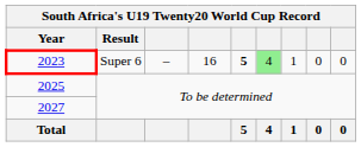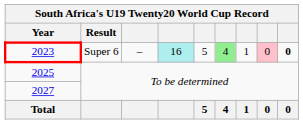 <table class="wikitable" style="font-size:90%; text-align:center">
 <tr>
 <th colspan=9>South Africa's U19 Twenty20 World Cup Record</th>
 </tr>
 <tr>
 <th width="90">Year</th>
 <th>Result</th>
 <th width="40"></th>
 <th width="40"></th>
 <th width="20"></th>
 <th width="20"></th>
 <th width="20"></th>
 <th width="20"></th>
 <th width="20"></th>
 </tr>
 <tr>
 <td style="border: 3px solid red"> <a href='#'>2023</a></td>
 <td>Super 6</td>
 <td>–</td>
-<td>16</td>
-<td><strong>5</strong></td>
+<td style="background: paleturquoise;">16</td>
+<td>5</td>
 <td style="background: lightgreen;">4</td>
 <td>1</td>
-<td>0</td>
-<td>0</td>
+<td style="background: pink;">0</td>
+<td><strong>0</strong></td>
 </tr>
 <tr>
 <td> <a href='#'>2025</a></td>
 <td colspan="8" rowspan="2"><em>To be determined</em></td>
 </tr>
 <tr>
 <td> <a href='#'>2027</a></td>
 </tr>
 <tr>
 <th>Total</th>
 <th></th>
 <th></th>
 <th></th>
 <th>5</th>
 <th>4</th>
 <th>1</th>
 <th>0</th>
 <th>0</th>
 </tr>
 </table>
